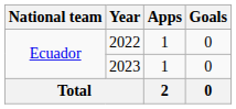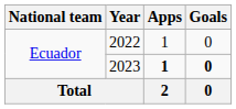 <table class=wikitable style=text-align:center>
 <tr>
 <th>National team</th>
 <th>Year</th>
 <th>Apps</th>
 <th>Goals</th>
 </tr>
 <tr>
 <td rowspan="2"><a href='#'>Ecuador</a></td>
 <td>2022</td>
 <td>1</td>
 <td>0</td>
 </tr>
 <tr>
 <td>2023</td>
-<td>1</td>
-<td>0</td>
+<td><strong>1</strong></td>
+<td><strong>0</strong></td>
 </tr>
 <tr>
 <th colspan="2">Total</th>
 <th>2</th>
 <th>0</th>
 </tr>
 </table>
